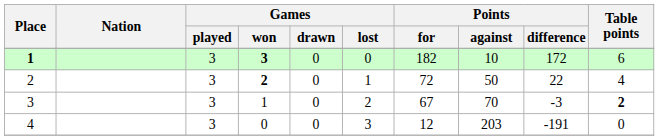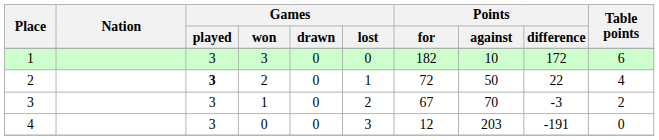 <table class="wikitable">
 <tr>
 <th rowspan=2 width="8%">Place</th>
 <th rowspan=2 width="20%">Nation</th>
 <th colspan=4 width="32%">Games</th>
 <th colspan=3 width="30%">Points</th>
 <th rowspan=2 width="10%">Table<br>points</th>
 </tr>
 <tr>
 <th width="8%">played</th>
 <th width="8%">won</th>
 <th width="8%">drawn</th>
 <th width="8%">lost</th>
 <th width="10%">for</th>
 <th width="10%">against</th>
 <th width="10%">difference</th>
 </tr>
 <tr>
 </tr>
 <tr bgcolor=#ccffcc align=center>
-<td><strong>1</strong></td>
+<td>1</td>
 <td align=left><strong></strong></td>
 <td>3</td>
-<td><strong>3</strong></td>
+<td>3</td>
 <td>0</td>
 <td>0</td>
 <td>182</td>
 <td>10</td>
 <td>172</td>
 <td>6</td>
 </tr>
 <tr bgcolor=#ffffff align=center>
 <td>2</td>
 <td align=left></td>
-<td>3</td>
-<td><strong>2</strong></td>
+<td><strong>3</strong></td>
+<td>2</td>
 <td>0</td>
 <td>1</td>
 <td>72</td>
 <td>50</td>
 <td>22</td>
 <td>4</td>
 </tr>
 <tr bgcolor=#ffffff align=center>
 <td>3</td>
 <td align=left></td>
 <td>3</td>
 <td>1</td>
 <td>0</td>
 <td>2</td>
 <td>67</td>
 <td>70</td>
 <td>-3</td>
-<td><strong>2</strong></td>
+<td>2</td>
 </tr>
 <tr bgcolor=#ffffff align=center>
 <td>4</td>
 <td align=left></td>
 <td>3</td>
 <td>0</td>
 <td>0</td>
 <td>3</td>
 <td>12</td>
 <td>203</td>
 <td>-191</td>
 <td>0</td>
 </tr>
 <tr bgcolor=#ffcccc align=center>
 </tr>
 </table>
